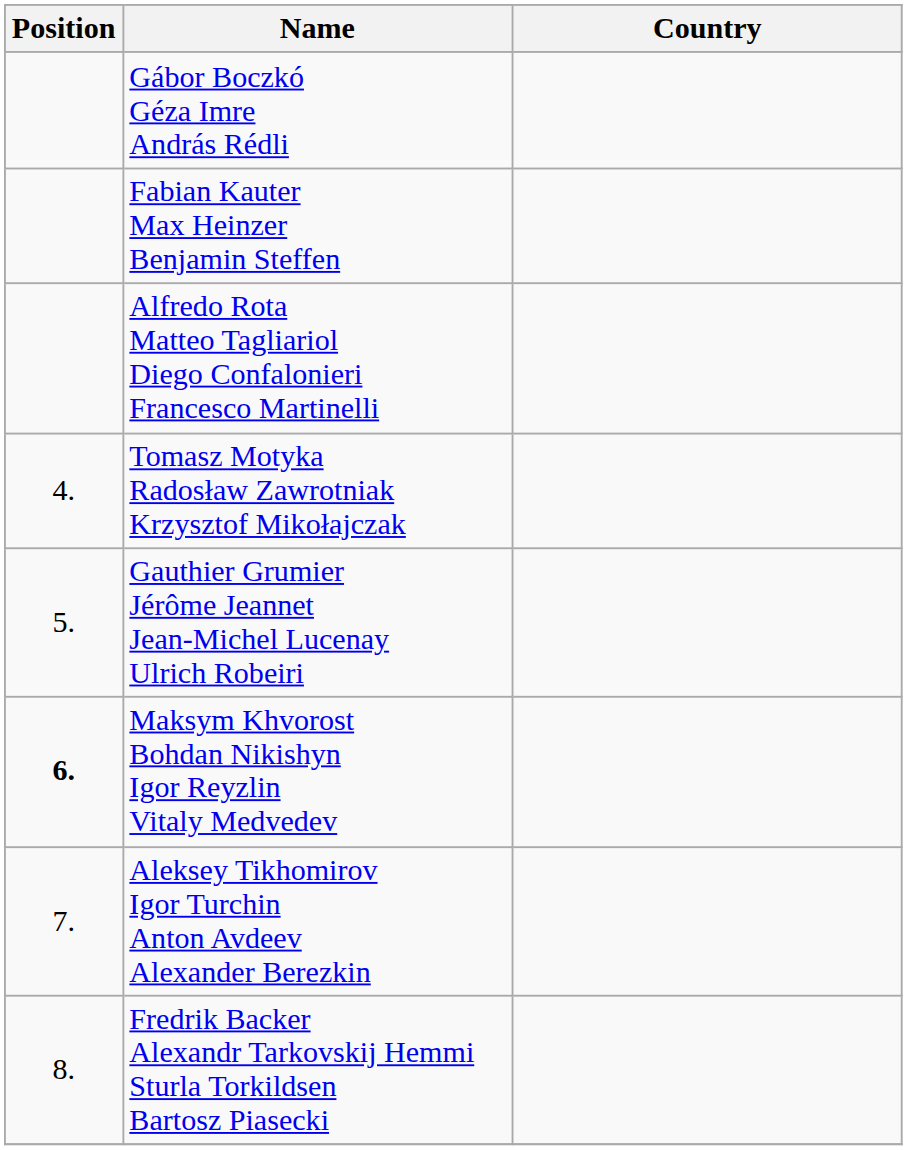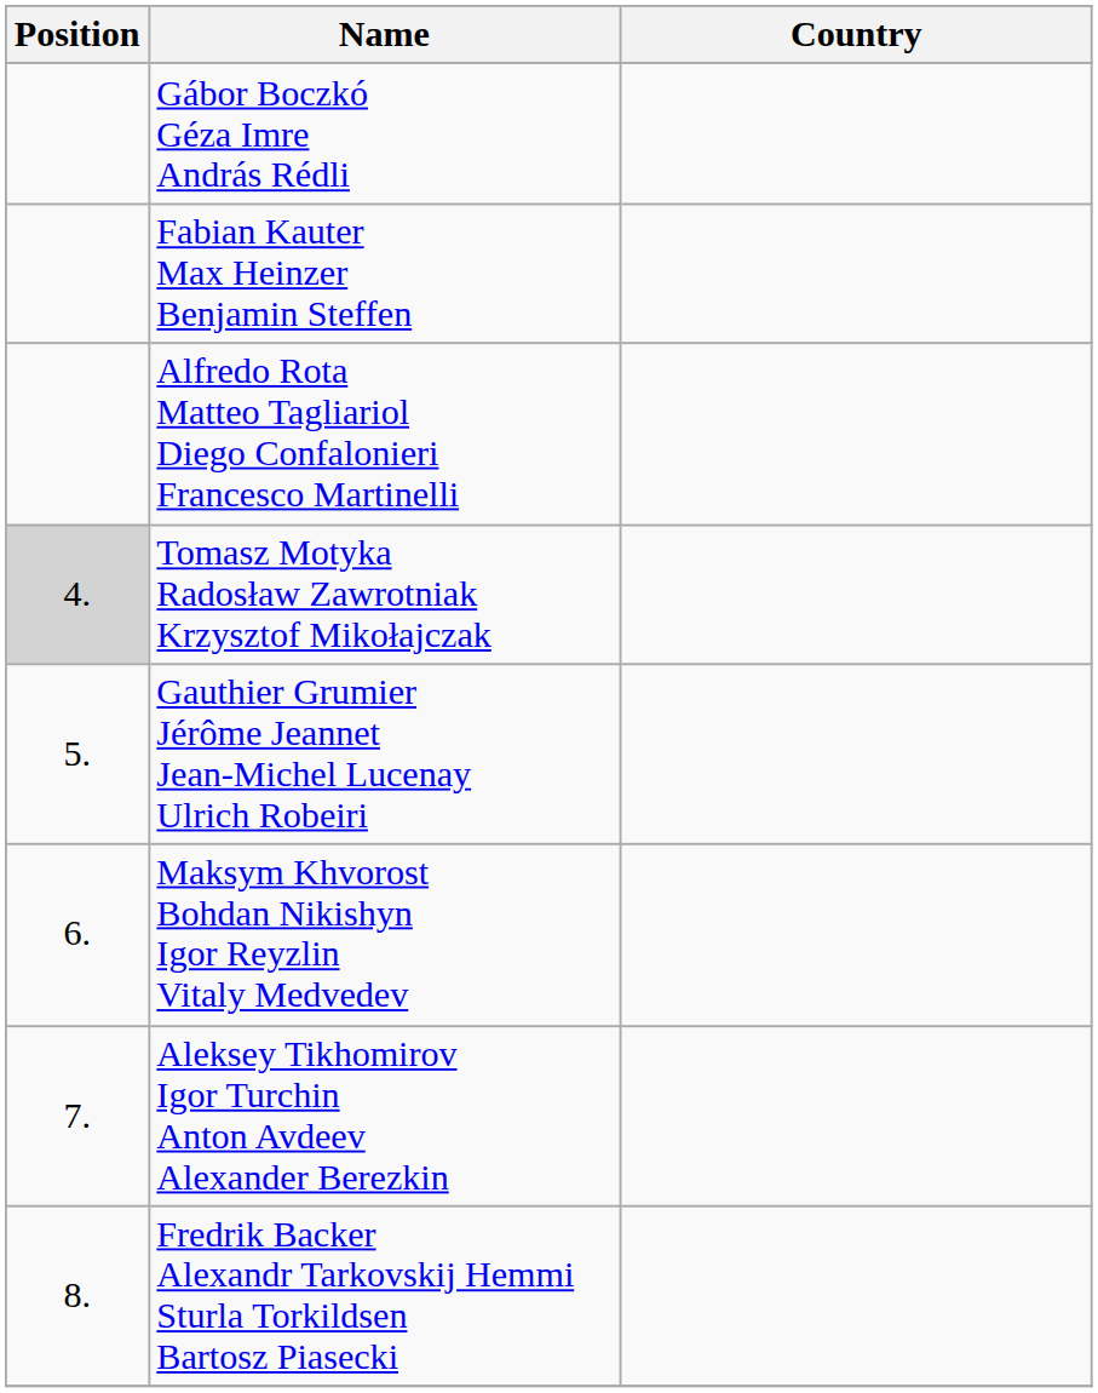 <table class="wikitable">
 <tr>
 <th width="20">Position</th>
 <th width="200">Name</th>
 <th width="200">Country</th>
 </tr>
 <tr>
 <td align="center"></td>
 <td><a href='#'>Gábor Boczkó</a><br><a href='#'>Géza Imre</a><br><a href='#'>András Rédli</a><br></td>
 <td></td>
 </tr>
 <tr>
 <td align="center"></td>
 <td><a href='#'>Fabian Kauter</a><br><a href='#'>Max Heinzer</a><br><a href='#'>Benjamin Steffen</a></td>
 <td></td>
 </tr>
 <tr>
 <td align="center"></td>
 <td><a href='#'>Alfredo Rota</a><br><a href='#'>Matteo Tagliariol</a><br><a href='#'>Diego Confalonieri</a><br><a href='#'>Francesco Martinelli</a></td>
 <td></td>
 </tr>
 <tr>
-<td align="center">4.</td>
+<td align="center" style="background: lightgrey;">4.</td>
 <td><a href='#'>Tomasz Motyka</a><br><a href='#'>Radosław Zawrotniak</a><br><a href='#'>Krzysztof Mikołajczak</a></td>
 <td></td>
 </tr>
 <tr>
 <td align="center">5.</td>
 <td><a href='#'>Gauthier Grumier</a><br><a href='#'>Jérôme Jeannet</a><br><a href='#'>Jean-Michel Lucenay</a><br><a href='#'>Ulrich Robeiri</a></td>
 <td></td>
 </tr>
 <tr>
-<td align="center"><strong>6.</strong></td>
+<td align="center">6.</td>
 <td><a href='#'>Maksym Khvorost</a><br><a href='#'>Bohdan Nikishyn</a><br><a href='#'>Igor Reyzlin</a><br><a href='#'>Vitaly Medvedev</a></td>
 <td></td>
 </tr>
 <tr>
 <td align="center">7.</td>
 <td><a href='#'>Aleksey Tikhomirov</a><br><a href='#'>Igor Turchin</a><br><a href='#'>Anton Avdeev</a><br> <a href='#'>Alexander Berezkin</a></td>
 <td></td>
 </tr>
 <tr>
 <td align="center">8.</td>
 <td><a href='#'>Fredrik Backer</a><br><a href='#'>Alexandr Tarkovskij Hemmi</a><br><a href='#'>Sturla Torkildsen</a><br><a href='#'>Bartosz Piasecki</a></td>
 <td></td>
 </tr>
 <tr>
 </tr>
 </table>
